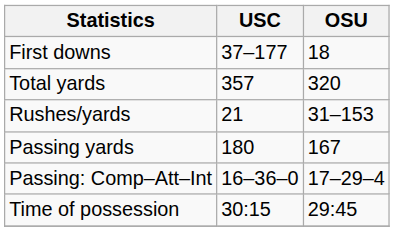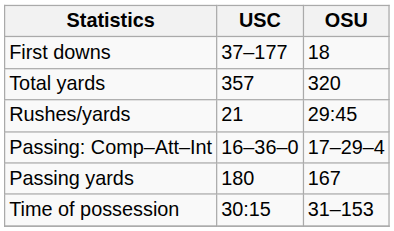 <table class="wikitable" style="float: left;">
 <tr>
 <th>Statistics</th>
 <th>USC</th>
 <th>OSU</th>
 </tr>
 <tr>
 <td>First downs</td>
 <td>37–177</td>
 <td>18</td>
 </tr>
 <tr>
 <td>Total yards</td>
 <td>357</td>
 <td>320</td>
 </tr>
 <tr>
 <td>Rushes/yards</td>
 <td>21</td>
-<td>31–153</td>
+<td>29:45</td>
+</tr>
+<tr>
+<td>Passing: Comp–Att–Int</td>
+<td>16–36–0</td>
+<td>17–29–4</td>
 </tr>
 <tr>
 <td>Passing yards</td>
 <td>180</td>
 <td>167</td>
 </tr>
 <tr>
-<td>Passing: Comp–Att–Int</td>
-<td>16–36–0</td>
-<td>17–29–4</td>
-</tr>
-<tr>
 <td>Time of possession</td>
 <td>30:15</td>
-<td>29:45</td>
+<td>31–153</td>
 </tr>
 <tr>
 </tr>
 </table>
